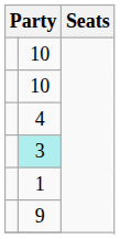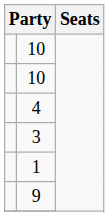 <table class="wikitable" style="font-size: 95%;">
 <tr>
 <th colspan=2>Party</th>
 <th>Seats</th>
 </tr>
 <tr>
 <td></td>
 <td align="center">10</td>
 </tr>
 <tr>
 <td></td>
 <td align="center">10</td>
 </tr>
 <tr>
 <td></td>
 <td align="center">4</td>
 </tr>
 <tr>
 <td></td>
-<td align="center" style="background: paleturquoise;">3</td>
+<td align="center">3</td>
 </tr>
 <tr>
 <td></td>
 <td align="center">1</td>
 </tr>
 <tr>
 <td></td>
 <td align="center">9</td>
 </tr>
 <tr>
 </tr>
 </table>
